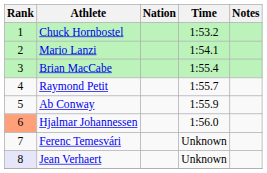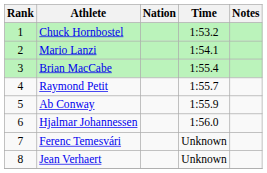 <table class="wikitable sortable" style="text-align:center">
 <tr>
 <th>Rank</th>
 <th>Athlete</th>
 <th>Nation</th>
 <th>Time</th>
 <th>Notes</th>
 </tr>
 <tr bgcolor=bbf3bb>
 <td>1</td>
 <td align=left><a href='#'>Chuck Hornbostel</a></td>
 <td align=left></td>
 <td>1:53.2</td>
 <td></td>
 </tr>
 <tr bgcolor=bbf3bb>
 <td>2</td>
 <td align=left><a href='#'>Mario Lanzi</a></td>
 <td align=left></td>
 <td>1:54.1</td>
 <td></td>
 </tr>
 <tr bgcolor=bbf3bb>
 <td>3</td>
 <td align=left><a href='#'>Brian MacCabe</a></td>
 <td align=left></td>
 <td>1:55.4</td>
 <td></td>
 </tr>
 <tr>
 <td>4</td>
 <td align=left><a href='#'>Raymond Petit</a></td>
 <td align=left></td>
 <td>1:55.7</td>
 <td></td>
 </tr>
 <tr>
 <td>5</td>
 <td align=left><a href='#'>Ab Conway</a></td>
 <td align=left></td>
 <td>1:55.9</td>
 <td></td>
 </tr>
 <tr>
-<td style="background: lightsalmon;">6</td>
+<td>6</td>
 <td align=left><a href='#'>Hjalmar Johannessen</a></td>
 <td align=left></td>
 <td>1:56.0</td>
 <td></td>
 </tr>
 <tr>
 <td>7</td>
 <td align=left><a href='#'>Ferenc Temesvári</a></td>
 <td align=left></td>
 <td data-sort-value=2:00.0>Unknown</td>
 <td></td>
 </tr>
 <tr>
-<td style="background: lavender;">8</td>
+<td>8</td>
 <td align=left><a href='#'>Jean Verhaert</a></td>
 <td align=left></td>
 <td data-sort-value=3:00.0>Unknown</td>
 <td></td>
 </tr>
 <tr>
 </tr>
 </table>
